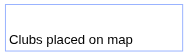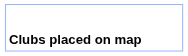 <table style="float: right; margin-left: 1em; margin-bottom: 0.5em; width: 180px; border: #99B3FF solid 1px">
 <tr>
 <td><div><br>             </div></td>
 </tr>
 <tr>
-<td><small>Clubs placed on map</small></td>
+<td><strong><small>Clubs placed on map</small></strong></td>
 </tr>
 </table>
